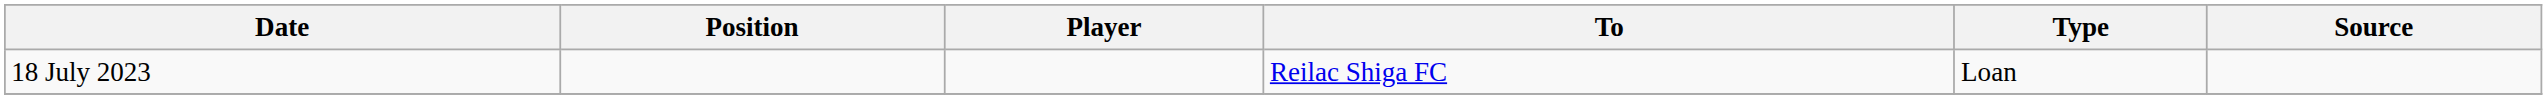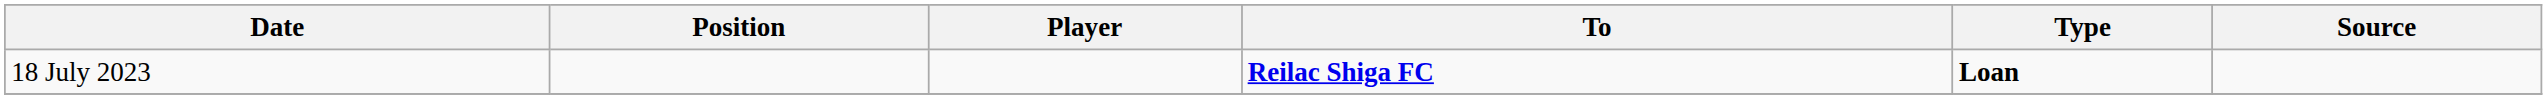 <table class="wikitable sortable" style="width:90%; text-align:center; font-size:95%; text-align:left;">
 <tr>
 <th>Date</th>
 <th>Position</th>
 <th>Player</th>
 <th>To</th>
 <th>Type</th>
 <th>Source</th>
 </tr>
 <tr>
 <td>18 July 2023</td>
 <td></td>
 <td></td>
-<td> <a href='#'>Reilac Shiga FC</a></td>
-<td>Loan</td>
+<td><strong> <a href='#'>Reilac Shiga FC</a></strong></td>
+<td><strong>Loan</strong></td>
 <td></td>
 </tr>
 <tr>
 </tr>
 </table>
